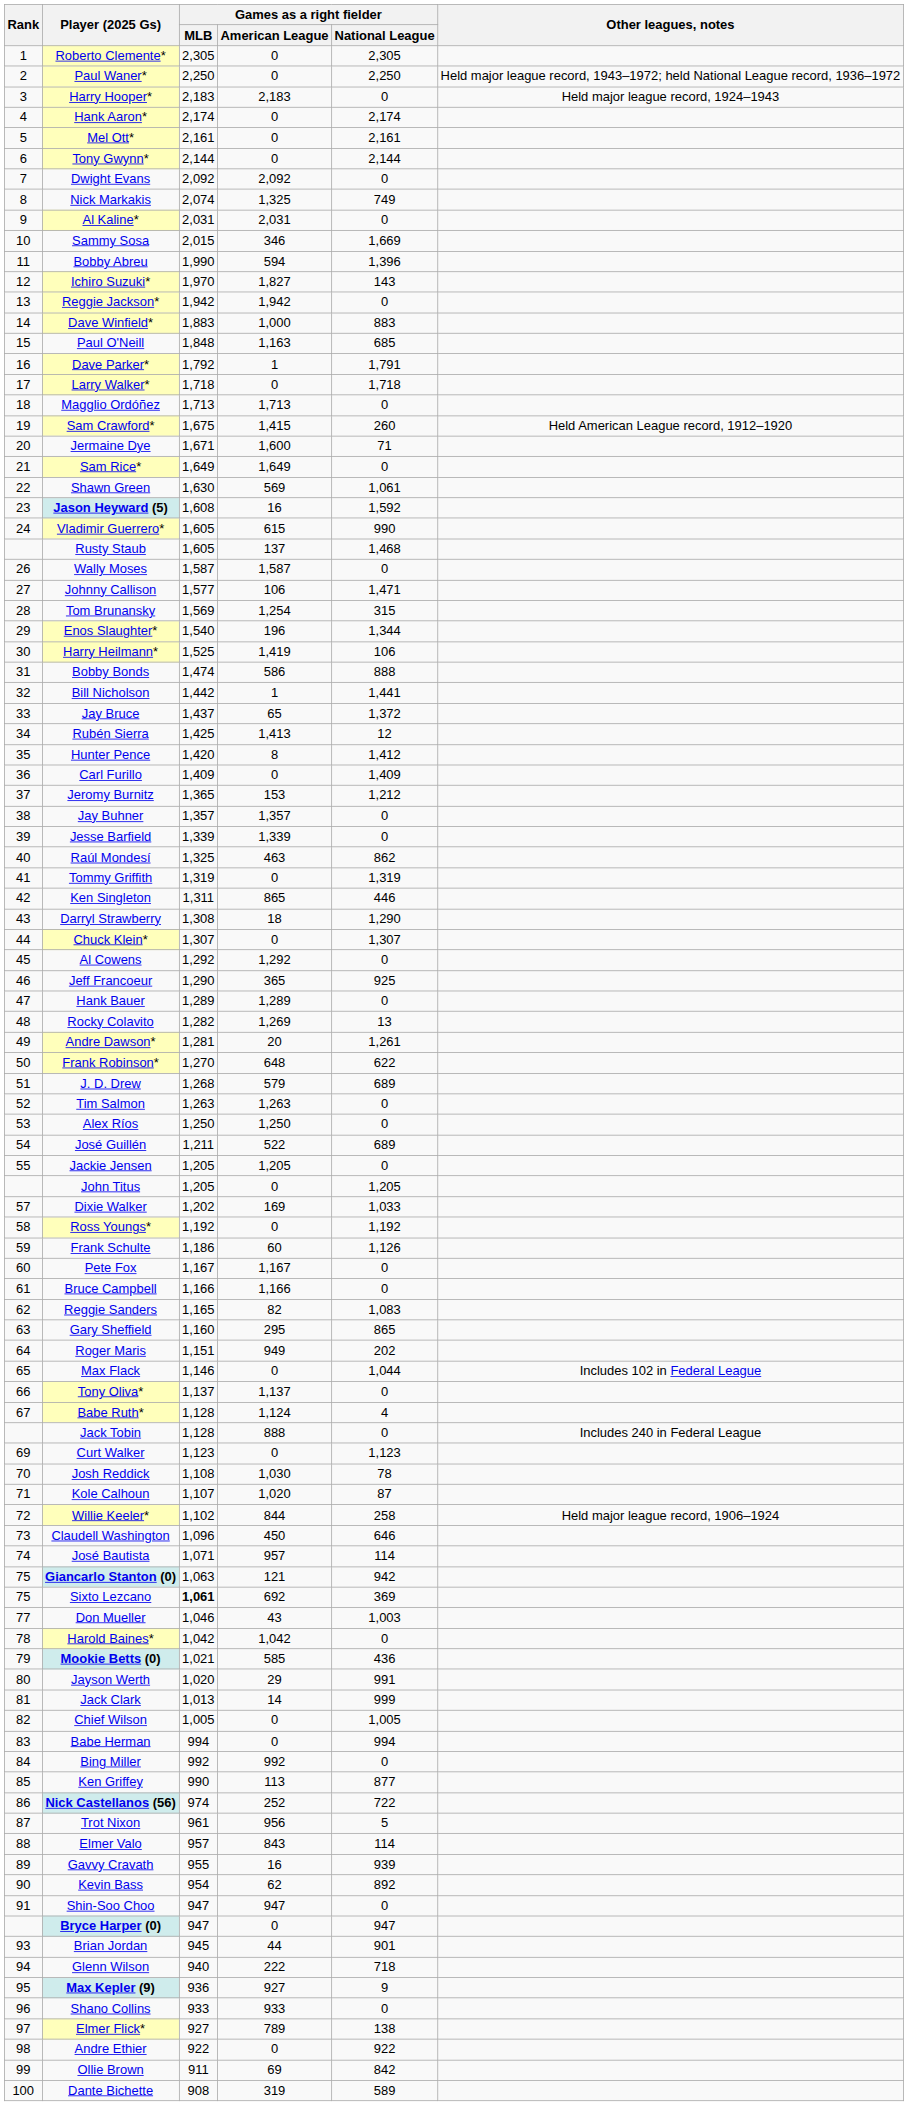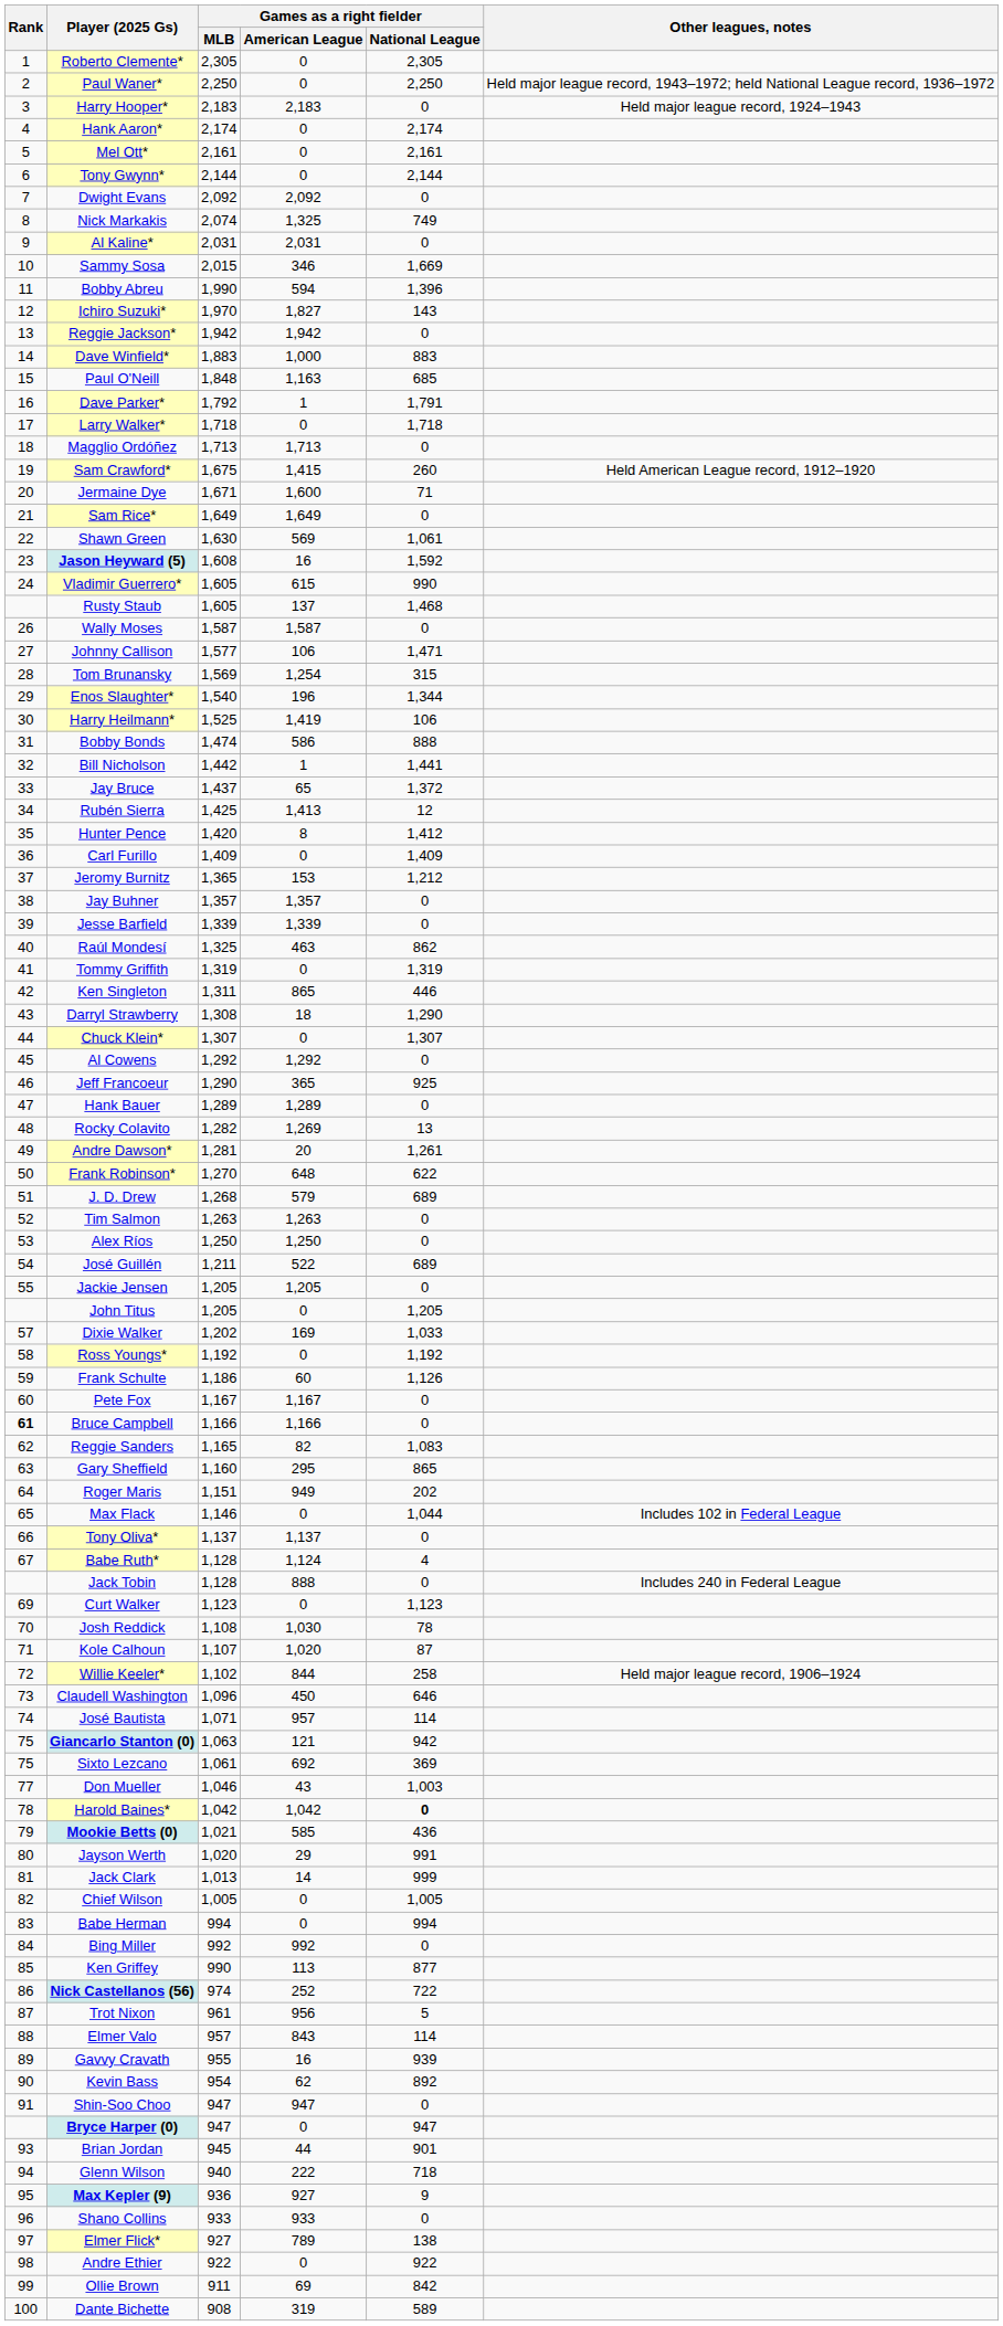 <table class="wikitable sortable" style="text-align:center">
 <tr style="white-space:nowrap;">
 <th rowspan=2>Rank</th>
 <th rowspan=2 scope="col">Player (2025 Gs)</th>
 <th colspan=3>Games as a right fielder</th>
 <th rowspan=2>Other leagues, notes</th>
 </tr>
 <tr>
 <th>MLB</th>
 <th>American League</th>
 <th>National League</th>
 </tr>
 <tr>
 <td>1</td>
 <td style="background:#ffffbb;"><a href='#'>Roberto Clemente</a>*</td>
 <td>2,305</td>
 <td>0</td>
 <td>2,305</td>
 <td></td>
 </tr>
 <tr>
 <td>2</td>
 <td style="background:#ffffbb;"><a href='#'>Paul Waner</a>*</td>
 <td>2,250</td>
 <td>0</td>
 <td>2,250</td>
 <td>Held major league record, 1943–1972; held National League record, 1936–1972</td>
 </tr>
 <tr>
 <td>3</td>
 <td style="background:#ffffbb;"><a href='#'>Harry Hooper</a>*</td>
 <td>2,183</td>
 <td>2,183</td>
 <td>0</td>
 <td>Held major league record, 1924–1943</td>
 </tr>
 <tr>
 <td>4</td>
 <td style="background:#ffffbb;"><a href='#'>Hank Aaron</a>*</td>
 <td>2,174</td>
 <td>0</td>
 <td>2,174</td>
 <td></td>
 </tr>
 <tr>
 <td>5</td>
 <td style="background:#ffffbb;"><a href='#'>Mel Ott</a>*</td>
 <td>2,161</td>
 <td>0</td>
 <td>2,161</td>
 <td></td>
 </tr>
 <tr>
 <td>6</td>
 <td style="background:#ffffbb;"><a href='#'>Tony Gwynn</a>*</td>
 <td>2,144</td>
 <td>0</td>
 <td>2,144</td>
 <td></td>
 </tr>
 <tr>
 <td>7</td>
 <td><a href='#'>Dwight Evans</a></td>
 <td>2,092</td>
 <td>2,092</td>
 <td>0</td>
 <td></td>
 </tr>
 <tr>
 <td>8</td>
 <td><a href='#'>Nick Markakis</a></td>
 <td>2,074</td>
 <td>1,325</td>
 <td>749</td>
 <td></td>
 </tr>
 <tr>
 <td>9</td>
 <td style="background:#ffffbb;"><a href='#'>Al Kaline</a>*</td>
 <td>2,031</td>
 <td>2,031</td>
 <td>0</td>
 <td></td>
 </tr>
 <tr>
 <td>10</td>
 <td><a href='#'>Sammy Sosa</a></td>
 <td>2,015</td>
 <td>346</td>
 <td>1,669</td>
 <td></td>
 </tr>
 <tr>
 <td>11</td>
 <td><a href='#'>Bobby Abreu</a></td>
 <td>1,990</td>
 <td>594</td>
 <td>1,396</td>
 <td></td>
 </tr>
 <tr>
 <td>12</td>
 <td style="background:#ffffbb;"><a href='#'>Ichiro Suzuki</a>*</td>
 <td>1,970</td>
 <td>1,827</td>
 <td>143</td>
 <td></td>
 </tr>
 <tr>
 <td>13</td>
 <td style="background:#ffffbb;"><a href='#'>Reggie Jackson</a>*</td>
 <td>1,942</td>
 <td>1,942</td>
 <td>0</td>
 <td></td>
 </tr>
 <tr>
 <td>14</td>
 <td style="background:#ffffbb;"><a href='#'>Dave Winfield</a>*</td>
 <td>1,883</td>
 <td>1,000</td>
 <td>883</td>
 <td></td>
 </tr>
 <tr>
 <td>15</td>
 <td><a href='#'>Paul O'Neill</a></td>
 <td>1,848</td>
 <td>1,163</td>
 <td>685</td>
 <td></td>
 </tr>
 <tr>
 <td>16</td>
 <td style="background:#ffffbb;"><a href='#'>Dave Parker</a>*</td>
 <td>1,792</td>
 <td>1</td>
 <td>1,791</td>
 <td></td>
 </tr>
 <tr>
 <td>17</td>
 <td style="background:#ffffbb;"><a href='#'>Larry Walker</a>*</td>
 <td>1,718</td>
 <td>0</td>
 <td>1,718</td>
 <td></td>
 </tr>
 <tr>
 <td>18</td>
 <td><a href='#'>Magglio Ordóñez</a></td>
 <td>1,713</td>
 <td>1,713</td>
 <td>0</td>
 <td></td>
 </tr>
 <tr>
 <td>19</td>
 <td style="background:#ffffbb;"><a href='#'>Sam Crawford</a>* </td>
 <td>1,675</td>
 <td>1,415</td>
 <td>260</td>
 <td>Held American League record, 1912–1920</td>
 </tr>
 <tr>
 <td>20</td>
 <td><a href='#'>Jermaine Dye</a></td>
 <td>1,671</td>
 <td>1,600</td>
 <td>71</td>
 <td></td>
 </tr>
 <tr>
 <td>21</td>
 <td style="background:#ffffbb;"><a href='#'>Sam Rice</a>*</td>
 <td>1,649</td>
 <td>1,649</td>
 <td>0</td>
 <td></td>
 </tr>
 <tr>
 <td>22</td>
 <td><a href='#'>Shawn Green</a></td>
 <td>1,630</td>
 <td>569</td>
 <td>1,061</td>
 <td></td>
 </tr>
 <tr>
 <td>23</td>
 <td style="background:#cfecec;"><strong><a href='#'>Jason Heyward</a> (5)</strong></td>
 <td>1,608</td>
 <td>16</td>
 <td>1,592</td>
 <td></td>
 </tr>
 <tr>
 <td>24</td>
 <td style="background:#ffffbb;"><a href='#'>Vladimir Guerrero</a>*</td>
 <td>1,605</td>
 <td>615</td>
 <td>990</td>
 <td></td>
 </tr>
 <tr>
 <td></td>
 <td><a href='#'>Rusty Staub</a></td>
 <td>1,605</td>
 <td>137</td>
 <td>1,468</td>
 <td></td>
 </tr>
 <tr>
 <td>26</td>
 <td><a href='#'>Wally Moses</a></td>
 <td>1,587</td>
 <td>1,587</td>
 <td>0</td>
 <td></td>
 </tr>
 <tr>
 <td>27</td>
 <td><a href='#'>Johnny Callison</a></td>
 <td>1,577</td>
 <td>106</td>
 <td>1,471</td>
 <td></td>
 </tr>
 <tr>
 <td>28</td>
 <td><a href='#'>Tom Brunansky</a></td>
 <td>1,569</td>
 <td>1,254</td>
 <td>315</td>
 <td></td>
 </tr>
 <tr>
 <td>29</td>
 <td style="background:#ffffbb;"><a href='#'>Enos Slaughter</a>*</td>
 <td>1,540</td>
 <td>196</td>
 <td>1,344</td>
 <td></td>
 </tr>
 <tr>
 <td>30</td>
 <td style="background:#ffffbb;"><a href='#'>Harry Heilmann</a>*</td>
 <td>1,525</td>
 <td>1,419</td>
 <td>106</td>
 <td></td>
 </tr>
 <tr>
 <td>31</td>
 <td><a href='#'>Bobby Bonds</a></td>
 <td>1,474</td>
 <td>586</td>
 <td>888</td>
 <td></td>
 </tr>
 <tr>
 <td>32</td>
 <td><a href='#'>Bill Nicholson</a></td>
 <td>1,442</td>
 <td>1</td>
 <td>1,441</td>
 <td></td>
 </tr>
 <tr>
 <td>33</td>
 <td><a href='#'>Jay Bruce</a></td>
 <td>1,437</td>
 <td>65</td>
 <td>1,372</td>
 <td></td>
 </tr>
 <tr>
 <td>34</td>
 <td><a href='#'>Rubén Sierra</a></td>
 <td>1,425</td>
 <td>1,413</td>
 <td>12</td>
 <td></td>
 </tr>
 <tr>
 <td>35</td>
 <td><a href='#'>Hunter Pence</a></td>
 <td>1,420</td>
 <td>8</td>
 <td>1,412</td>
 <td></td>
 </tr>
 <tr>
 <td>36</td>
 <td><a href='#'>Carl Furillo</a></td>
 <td>1,409</td>
 <td>0</td>
 <td>1,409</td>
 <td></td>
 </tr>
 <tr>
 <td>37</td>
 <td><a href='#'>Jeromy Burnitz</a></td>
 <td>1,365</td>
 <td>153</td>
 <td>1,212</td>
 <td></td>
 </tr>
 <tr>
 <td>38</td>
 <td><a href='#'>Jay Buhner</a></td>
 <td>1,357</td>
 <td>1,357</td>
 <td>0</td>
 <td></td>
 </tr>
 <tr>
 <td>39</td>
 <td><a href='#'>Jesse Barfield</a></td>
 <td>1,339</td>
 <td>1,339</td>
 <td>0</td>
 <td></td>
 </tr>
 <tr>
 <td>40</td>
 <td><a href='#'>Raúl Mondesí</a></td>
 <td>1,325</td>
 <td>463</td>
 <td>862</td>
 <td></td>
 </tr>
 <tr>
 <td>41</td>
 <td><a href='#'>Tommy Griffith</a></td>
 <td>1,319</td>
 <td>0</td>
 <td>1,319</td>
 <td></td>
 </tr>
 <tr>
 <td>42</td>
 <td><a href='#'>Ken Singleton</a></td>
 <td>1,311</td>
 <td>865</td>
 <td>446</td>
 <td></td>
 </tr>
 <tr>
 <td>43</td>
 <td><a href='#'>Darryl Strawberry</a></td>
 <td>1,308</td>
 <td>18</td>
 <td>1,290</td>
 <td></td>
 </tr>
 <tr>
 <td>44</td>
 <td style="background:#ffffbb;"><a href='#'>Chuck Klein</a>*</td>
 <td>1,307</td>
 <td>0</td>
 <td>1,307</td>
 <td></td>
 </tr>
 <tr>
 <td>45</td>
 <td><a href='#'>Al Cowens</a></td>
 <td>1,292</td>
 <td>1,292</td>
 <td>0</td>
 <td></td>
 </tr>
 <tr>
 <td>46</td>
 <td><a href='#'>Jeff Francoeur</a></td>
 <td>1,290</td>
 <td>365</td>
 <td>925</td>
 <td></td>
 </tr>
 <tr>
 <td>47</td>
 <td><a href='#'>Hank Bauer</a></td>
 <td>1,289</td>
 <td>1,289</td>
 <td>0</td>
 <td></td>
 </tr>
 <tr>
 <td>48</td>
 <td><a href='#'>Rocky Colavito</a></td>
 <td>1,282</td>
 <td>1,269</td>
 <td>13</td>
 <td></td>
 </tr>
 <tr>
 <td>49</td>
 <td style="background:#ffffbb;"><a href='#'>Andre Dawson</a>*</td>
 <td>1,281</td>
 <td>20</td>
 <td>1,261</td>
 <td></td>
 </tr>
 <tr>
 <td>50</td>
 <td style="background:#ffffbb;"><a href='#'>Frank Robinson</a>*</td>
 <td>1,270</td>
 <td>648</td>
 <td>622</td>
 <td></td>
 </tr>
 <tr>
 <td>51</td>
 <td><a href='#'>J. D. Drew</a></td>
 <td>1,268</td>
 <td>579</td>
 <td>689</td>
 <td></td>
 </tr>
 <tr>
 <td>52</td>
 <td><a href='#'>Tim Salmon</a></td>
 <td>1,263</td>
 <td>1,263</td>
 <td>0</td>
 <td></td>
 </tr>
 <tr>
 <td>53</td>
 <td><a href='#'>Alex Ríos</a></td>
 <td>1,250</td>
 <td>1,250</td>
 <td>0</td>
 <td></td>
 </tr>
 <tr>
 <td>54</td>
 <td><a href='#'>José Guillén</a></td>
 <td>1,211</td>
 <td>522</td>
 <td>689</td>
 <td></td>
 </tr>
 <tr>
 <td>55</td>
 <td><a href='#'>Jackie Jensen</a></td>
 <td>1,205</td>
 <td>1,205</td>
 <td>0</td>
 <td></td>
 </tr>
 <tr>
 <td></td>
 <td><a href='#'>John Titus</a></td>
 <td>1,205</td>
 <td>0</td>
 <td>1,205</td>
 <td></td>
 </tr>
 <tr>
 <td>57</td>
 <td><a href='#'>Dixie Walker</a></td>
 <td>1,202</td>
 <td>169</td>
 <td>1,033</td>
 <td></td>
 </tr>
 <tr>
 <td>58</td>
 <td style="background:#ffffbb;"><a href='#'>Ross Youngs</a>*</td>
 <td>1,192</td>
 <td>0</td>
 <td>1,192</td>
 <td></td>
 </tr>
 <tr>
 <td>59</td>
 <td><a href='#'>Frank Schulte</a></td>
 <td>1,186</td>
 <td>60</td>
 <td>1,126</td>
 <td></td>
 </tr>
 <tr>
 <td>60</td>
 <td><a href='#'>Pete Fox</a></td>
 <td>1,167</td>
 <td>1,167</td>
 <td>0</td>
 <td></td>
 </tr>
 <tr>
-<td>61</td>
+<td><strong>61</strong></td>
 <td><a href='#'>Bruce Campbell</a></td>
 <td>1,166</td>
 <td>1,166</td>
 <td>0</td>
 <td></td>
 </tr>
 <tr>
 <td>62</td>
 <td><a href='#'>Reggie Sanders</a></td>
 <td>1,165</td>
 <td>82</td>
 <td>1,083</td>
 <td></td>
 </tr>
 <tr>
 <td>63</td>
 <td><a href='#'>Gary Sheffield</a></td>
 <td>1,160</td>
 <td>295</td>
 <td>865</td>
 <td></td>
 </tr>
 <tr>
 <td>64</td>
 <td><a href='#'>Roger Maris</a></td>
 <td>1,151</td>
 <td>949</td>
 <td>202</td>
 <td></td>
 </tr>
 <tr>
 <td>65</td>
 <td><a href='#'>Max Flack</a></td>
 <td>1,146</td>
 <td>0</td>
 <td>1,044</td>
 <td>Includes 102 in <a href='#'>Federal League</a></td>
 </tr>
 <tr>
 <td>66</td>
 <td style="background:#ffffbb;"><a href='#'>Tony Oliva</a>*</td>
 <td>1,137</td>
 <td>1,137</td>
 <td>0</td>
 <td></td>
 </tr>
 <tr>
 <td>67</td>
 <td style="background:#ffffbb;"><a href='#'>Babe Ruth</a>*</td>
 <td>1,128</td>
 <td>1,124</td>
 <td>4</td>
 <td></td>
 </tr>
 <tr>
 <td></td>
 <td><a href='#'>Jack Tobin</a></td>
 <td>1,128</td>
 <td>888</td>
 <td>0</td>
 <td>Includes 240 in Federal League</td>
 </tr>
 <tr>
 <td>69</td>
 <td><a href='#'>Curt Walker</a></td>
 <td>1,123</td>
 <td>0</td>
 <td>1,123</td>
 <td></td>
 </tr>
 <tr>
 <td>70</td>
 <td><a href='#'>Josh Reddick</a></td>
 <td>1,108</td>
 <td>1,030</td>
 <td>78</td>
 <td></td>
 </tr>
 <tr>
 <td>71</td>
 <td><a href='#'>Kole Calhoun</a></td>
 <td>1,107</td>
 <td>1,020</td>
 <td>87</td>
 <td></td>
 </tr>
 <tr>
 <td>72</td>
 <td style="background:#ffffbb;"><a href='#'>Willie Keeler</a>* </td>
 <td>1,102</td>
 <td>844</td>
 <td>258</td>
 <td>Held major league record, 1906–1924</td>
 </tr>
 <tr>
 <td>73</td>
 <td><a href='#'>Claudell Washington</a></td>
 <td>1,096</td>
 <td>450</td>
 <td>646</td>
 <td></td>
 </tr>
 <tr>
 <td>74</td>
 <td><a href='#'>José Bautista</a></td>
 <td>1,071</td>
 <td>957</td>
 <td>114</td>
 <td></td>
 </tr>
 <tr>
 <td>75</td>
 <td style="background:#cfecec;"><strong><a href='#'>Giancarlo Stanton</a> (0)</strong></td>
 <td>1,063</td>
 <td>121</td>
 <td>942</td>
 <td></td>
 </tr>
 <tr>
 <td>75</td>
 <td><a href='#'>Sixto Lezcano</a></td>
-<td><strong>1,061</strong></td>
+<td>1,061</td>
 <td>692</td>
 <td>369</td>
 <td></td>
 </tr>
 <tr>
 <td>77</td>
 <td><a href='#'>Don Mueller</a></td>
 <td>1,046</td>
 <td>43</td>
 <td>1,003</td>
 <td></td>
 </tr>
 <tr>
 <td>78</td>
 <td style="background:#ffffbb;"><a href='#'>Harold Baines</a>*</td>
 <td>1,042</td>
 <td>1,042</td>
-<td>0</td>
+<td><strong>0</strong></td>
 <td></td>
 </tr>
 <tr>
 <td>79</td>
 <td style="background:#cfecec;"><strong><a href='#'>Mookie Betts</a> (0)</strong></td>
 <td>1,021</td>
 <td>585</td>
 <td>436</td>
 <td></td>
 </tr>
 <tr>
 <td>80</td>
 <td><a href='#'>Jayson Werth</a></td>
 <td>1,020</td>
 <td>29</td>
 <td>991</td>
 <td></td>
 </tr>
 <tr>
 <td>81</td>
 <td><a href='#'>Jack Clark</a></td>
 <td>1,013</td>
 <td>14</td>
 <td>999</td>
 <td></td>
 </tr>
 <tr>
 <td>82</td>
 <td><a href='#'>Chief Wilson</a></td>
 <td>1,005</td>
 <td>0</td>
 <td>1,005</td>
 <td></td>
 </tr>
 <tr>
 <td>83</td>
 <td><a href='#'>Babe Herman</a></td>
 <td>994</td>
 <td>0</td>
 <td>994</td>
 <td></td>
 </tr>
 <tr>
 <td>84</td>
 <td><a href='#'>Bing Miller</a></td>
 <td>992</td>
 <td>992</td>
 <td>0</td>
 <td></td>
 </tr>
 <tr>
 <td>85</td>
 <td><a href='#'>Ken Griffey</a></td>
 <td>990</td>
 <td>113</td>
 <td>877</td>
 <td></td>
 </tr>
 <tr>
 <td>86</td>
 <td style="background:#cfecec;"><strong><a href='#'>Nick Castellanos</a> (56)</strong></td>
 <td>974</td>
 <td>252</td>
 <td>722</td>
 <td></td>
 </tr>
 <tr>
 <td>87</td>
 <td><a href='#'>Trot Nixon</a></td>
 <td>961</td>
 <td>956</td>
 <td>5</td>
 <td></td>
 </tr>
 <tr>
 <td>88</td>
 <td><a href='#'>Elmer Valo</a></td>
 <td>957</td>
 <td>843</td>
 <td>114</td>
 <td></td>
 </tr>
 <tr>
 <td>89</td>
 <td><a href='#'>Gavvy Cravath</a></td>
 <td>955</td>
 <td>16</td>
 <td>939</td>
 <td></td>
 </tr>
 <tr>
 <td>90</td>
 <td><a href='#'>Kevin Bass</a></td>
 <td>954</td>
 <td>62</td>
 <td>892</td>
 <td></td>
 </tr>
 <tr>
 <td>91</td>
 <td><a href='#'>Shin-Soo Choo</a></td>
 <td>947</td>
 <td>947</td>
 <td>0</td>
 <td></td>
 </tr>
 <tr>
 <td></td>
 <td style="background:#cfecec;"><strong><a href='#'>Bryce Harper</a> (0)</strong></td>
 <td>947</td>
 <td>0</td>
 <td>947</td>
 <td></td>
 </tr>
 <tr>
 <td>93</td>
 <td><a href='#'>Brian Jordan</a></td>
 <td>945</td>
 <td>44</td>
 <td>901</td>
 <td></td>
 </tr>
 <tr>
 <td>94</td>
 <td><a href='#'>Glenn Wilson</a></td>
 <td>940</td>
 <td>222</td>
 <td>718</td>
 <td></td>
 </tr>
 <tr>
 <td>95</td>
 <td style="background:#cfecec;"><strong><a href='#'>Max Kepler</a> (9)</strong></td>
 <td>936</td>
 <td>927</td>
 <td>9</td>
 <td></td>
 </tr>
 <tr>
 <td>96</td>
 <td><a href='#'>Shano Collins</a></td>
 <td>933</td>
 <td>933</td>
 <td>0</td>
 <td></td>
 </tr>
 <tr>
 <td>97</td>
 <td style="background:#ffffbb;"><a href='#'>Elmer Flick</a>* </td>
 <td>927</td>
 <td>789</td>
 <td>138</td>
 <td></td>
 </tr>
 <tr>
 <td>98</td>
 <td><a href='#'>Andre Ethier</a></td>
 <td>922</td>
 <td>0</td>
 <td>922</td>
 <td></td>
 </tr>
 <tr>
 <td>99</td>
 <td><a href='#'>Ollie Brown</a></td>
 <td>911</td>
 <td>69</td>
 <td>842</td>
 <td></td>
 </tr>
 <tr>
 <td>100</td>
 <td><a href='#'>Dante Bichette</a></td>
 <td>908</td>
 <td>319</td>
 <td>589</td>
 <td></td>
 </tr>
 </table>
